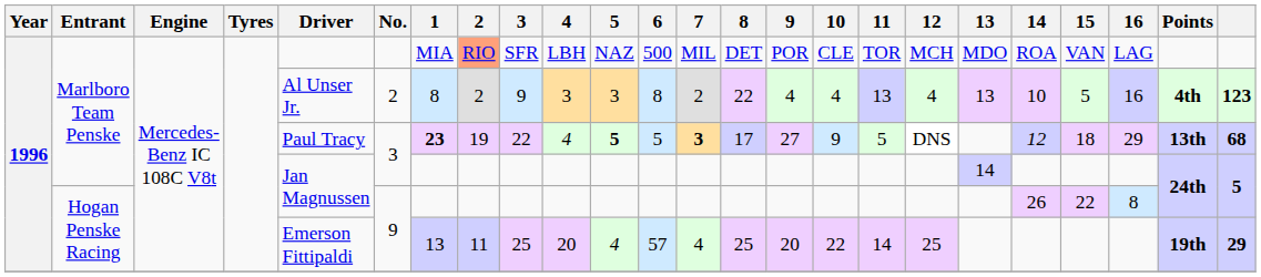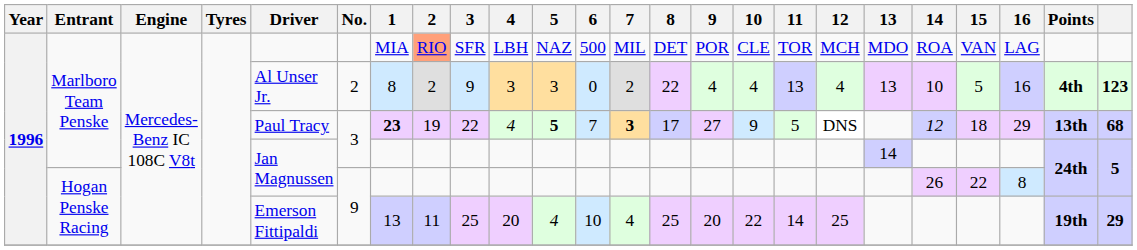 <table class="wikitable" style="text-align:center; font-size:95%">
 <tr>
 <th>Year</th>
 <th>Entrant</th>
 <th>Engine</th>
 <th>Tyres</th>
 <th>Driver</th>
 <th>No.</th>
 <th>1</th>
 <th>2</th>
 <th>3</th>
 <th>4</th>
 <th>5</th>
 <th>6</th>
 <th>7</th>
 <th>8</th>
 <th>9</th>
 <th>10</th>
 <th>11</th>
 <th>12</th>
 <th>13</th>
 <th>14</th>
 <th>15</th>
 <th>16</th>
 <th>Points</th>
 <th></th>
 </tr>
 <tr>
 <th rowspan=6><a href='#'>1996</a></th>
 <td rowspan=4><a href='#'>Marlboro</a> <a href='#'>Team Penske</a></td>
 <td rowspan=6><a href='#'>Mercedes-Benz</a> IC 108C <a href='#'>V8</a><a href='#'>t</a></td>
 <td rowspan=6></td>
 <td></td>
 <td></td>
 <td><a href='#'>MIA</a></td>
 <td style="background: lightsalmon;"><a href='#'>RIO</a></td>
 <td><a href='#'>SFR</a></td>
 <td><a href='#'>LBH</a></td>
 <td><a href='#'>NAZ</a></td>
 <td><a href='#'>500</a></td>
 <td><a href='#'>MIL</a></td>
 <td><a href='#'>DET</a></td>
 <td><a href='#'>POR</a></td>
 <td><a href='#'>CLE</a></td>
 <td><a href='#'>TOR</a></td>
 <td><a href='#'>MCH</a></td>
 <td><a href='#'>MDO</a></td>
 <td><a href='#'>ROA</a></td>
 <td><a href='#'>VAN</a></td>
 <td><a href='#'>LAG</a></td>
 <td></td>
 <td></td>
 </tr>
 <tr>
 <td align="left"> <a href='#'>Al Unser Jr.</a></td>
 <td>2</td>
 <td style="background:#CFEAFF;">8</td>
 <td style="background:#DFDFDF;">2</td>
 <td style="background:#CFEAFF;">9</td>
 <td style="background:#ffdf9f;">3</td>
 <td style="background:#ffdf9f;">3</td>
-<td style="background:#CFEAFF;">8</td>
+<td style="background:#CFEAFF;">0</td>
 <td style="background:#DFDFDF;">2</td>
 <td style="background:#efcfff;">22</td>
 <td style="background:#dfffdf;">4</td>
 <td style="background:#dfffdf;">4</td>
 <td style="background:#cfcfff;">13</td>
 <td style="background:#dfffdf;">4</td>
 <td style="background:#efcfff;">13</td>
 <td style="background:#efcfff;">10</td>
 <td style="background:#dfffdf;">5</td>
 <td style="background:#cfcfff;">16</td>
 <td style="background:#DFFFDF;"><strong>4th</strong></td>
 <td style="background:#DFFFDF;"><strong>123</strong></td>
 </tr>
 <tr>
 <td align="left"> <a href='#'>Paul Tracy</a></td>
 <td rowspan=2>3</td>
 <td style="background:#efcfff;"><strong>23</strong></td>
 <td style="background:#efcfff;">19</td>
 <td style="background:#efcfff;">22</td>
 <td style="background:#dfffdf;"><em>4</em></td>
 <td style="background:#dfffdf;"><strong>5</strong></td>
-<td style="background:#CFEAFF;">5</td>
+<td style="background:#CFEAFF;">7</td>
 <td style="background:#ffdf9f;"><strong>3</strong></td>
 <td style="background:#cfcfff;">17</td>
 <td style="background:#efcfff;">27</td>
 <td style="background:#CFEAFF;">9</td>
 <td style="background:#dfffdf;">5</td>
 <td style="background:#ffffff;">DNS</td>
 <td></td>
 <td style="background:#cfcfff;"><em>12</em></td>
 <td style="background:#efcfff;">18</td>
 <td style="background:#efcfff;">29</td>
 <td style="background:#CFCFFF;"><strong>13th</strong></td>
 <td style="background:#CFCFFF;"><strong>68</strong></td>
 </tr>
 <tr>
 <td rowspan=2 align="left"> <a href='#'>Jan Magnussen</a></td>
 <td></td>
 <td></td>
 <td></td>
 <td></td>
 <td></td>
 <td></td>
 <td></td>
 <td></td>
 <td></td>
 <td></td>
 <td></td>
 <td></td>
 <td style="background:#cfcfff;">14</td>
 <td></td>
 <td></td>
 <td></td>
 <td rowspan="2" style="background:#cfcfff;"><strong>24th</strong></td>
 <td rowspan="2" style="background:#cfcfff;"><strong>5</strong></td>
 </tr>
 <tr>
 <td rowspan=2><a href='#'>Hogan</a> <a href='#'>Penske Racing</a></td>
 <td rowspan=2>9</td>
 <td></td>
 <td></td>
 <td></td>
 <td></td>
 <td></td>
 <td></td>
 <td></td>
 <td></td>
 <td></td>
 <td></td>
 <td></td>
 <td></td>
 <td></td>
 <td style="background:#efcfff;">26</td>
 <td style="background:#efcfff;">22</td>
 <td style="background:#CFEAFF;">8</td>
 </tr>
 <tr>
 <td align="left"> <a href='#'>Emerson Fittipaldi</a></td>
 <td style="background:#cfcfff;">13</td>
 <td style="background:#cfcfff;">11</td>
 <td style="background:#efcfff;">25</td>
 <td style="background:#efcfff;">20</td>
 <td style="background:#dfffdf;"><em>4</em></td>
-<td style="background:#CFEAFF;">57</td>
+<td style="background:#CFEAFF;">10</td>
 <td style="background:#dfffdf;">4</td>
 <td style="background:#efcfff;">25</td>
 <td style="background:#efcfff;">20</td>
 <td style="background:#efcfff;">22</td>
 <td style="background:#efcfff;">14</td>
 <td style="background:#efcfff;">25</td>
 <td></td>
 <td></td>
 <td></td>
 <td></td>
 <td style="background:#CFCFFF;"><strong>19th</strong></td>
 <td style="background:#CFCFFF;"><strong>29</strong></td>
 </tr>
 <tr>
 </tr>
 </table>
